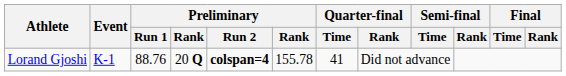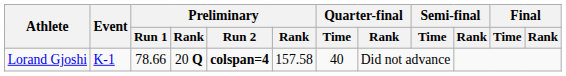 <table class=wikitable style=font-size:90%;text-align:center>
 <tr>
 <th rowspan=2>Athlete</th>
 <th rowspan=2>Event</th>
 <th colspan=4>Preliminary</th>
 <th colspan=2>Quarter-final</th>
 <th colspan=2>Semi-final</th>
 <th colspan=2>Final</th>
 </tr>
 <tr style=font-size:95%>
 <th>Run 1</th>
 <th>Rank</th>
 <th>Run 2</th>
 <th>Rank</th>
 <th>Time</th>
 <th>Rank</th>
 <th>Time</th>
 <th>Rank</th>
 <th>Time</th>
 <th>Rank</th>
 </tr>
 <tr>
 <td align=left><a href='#'>Lorand Gjoshi</a></td>
 <td align=left rowspan=3><a href='#'>K-1</a></td>
-<td>88.76</td>
+<td>78.66</td>
 <td>20 <strong>Q</strong></td>
 <td><strong>colspan=4 </strong></td>
-<td>155.78</td>
-<td>41</td>
+<td>157.58</td>
+<td>40</td>
 <td colspan=2>Did not advance</td>
 </tr>
 </table>
